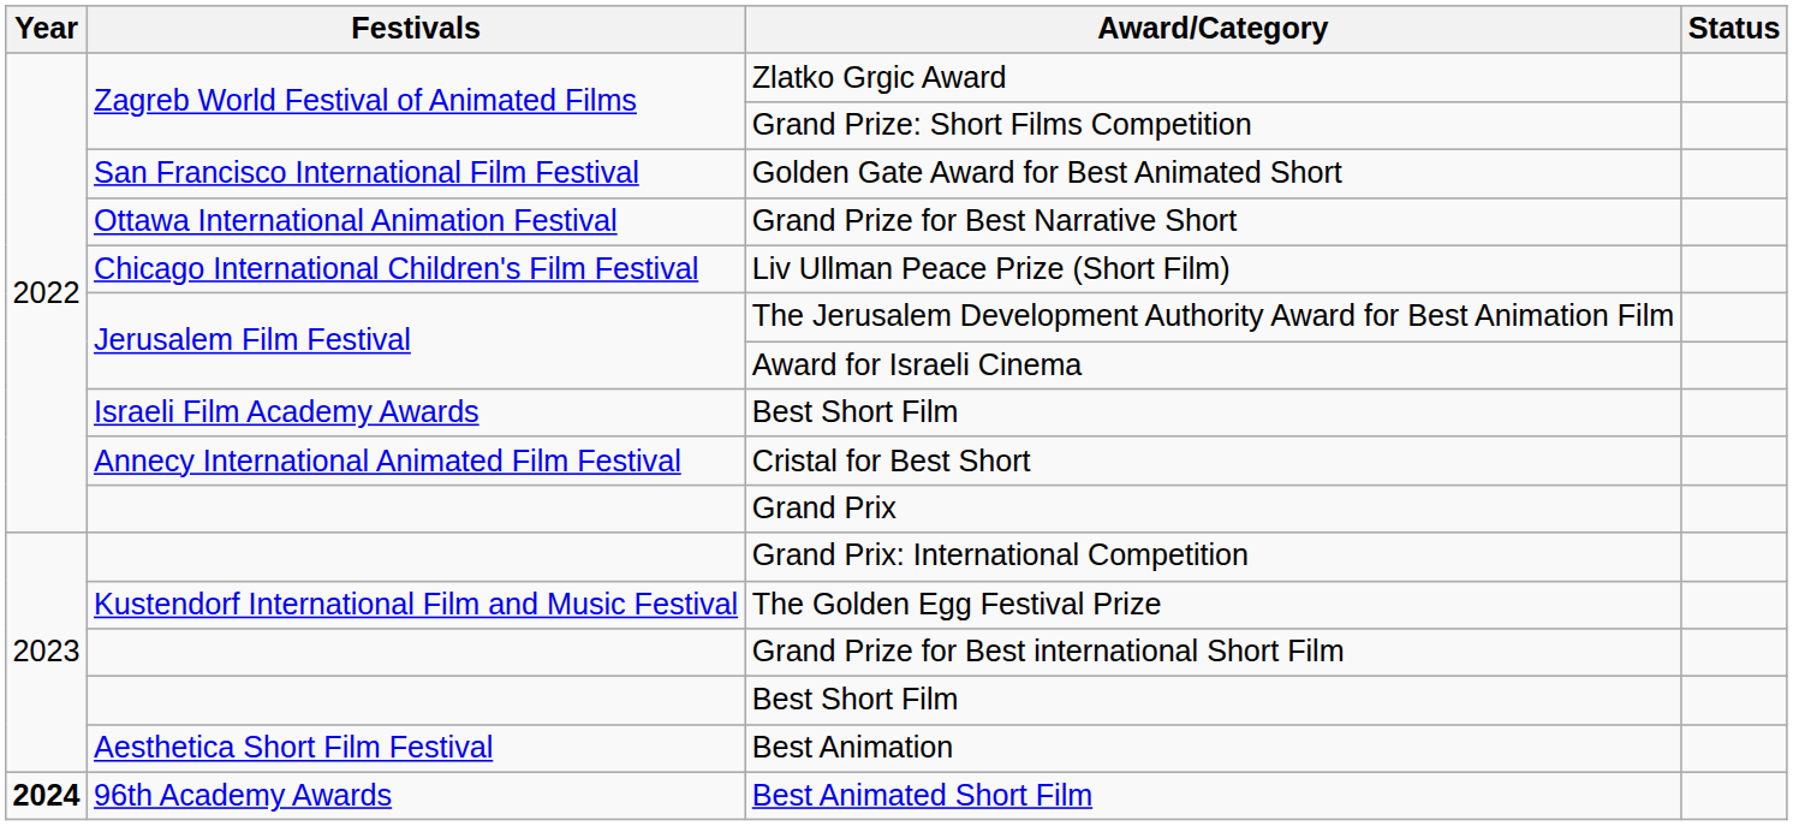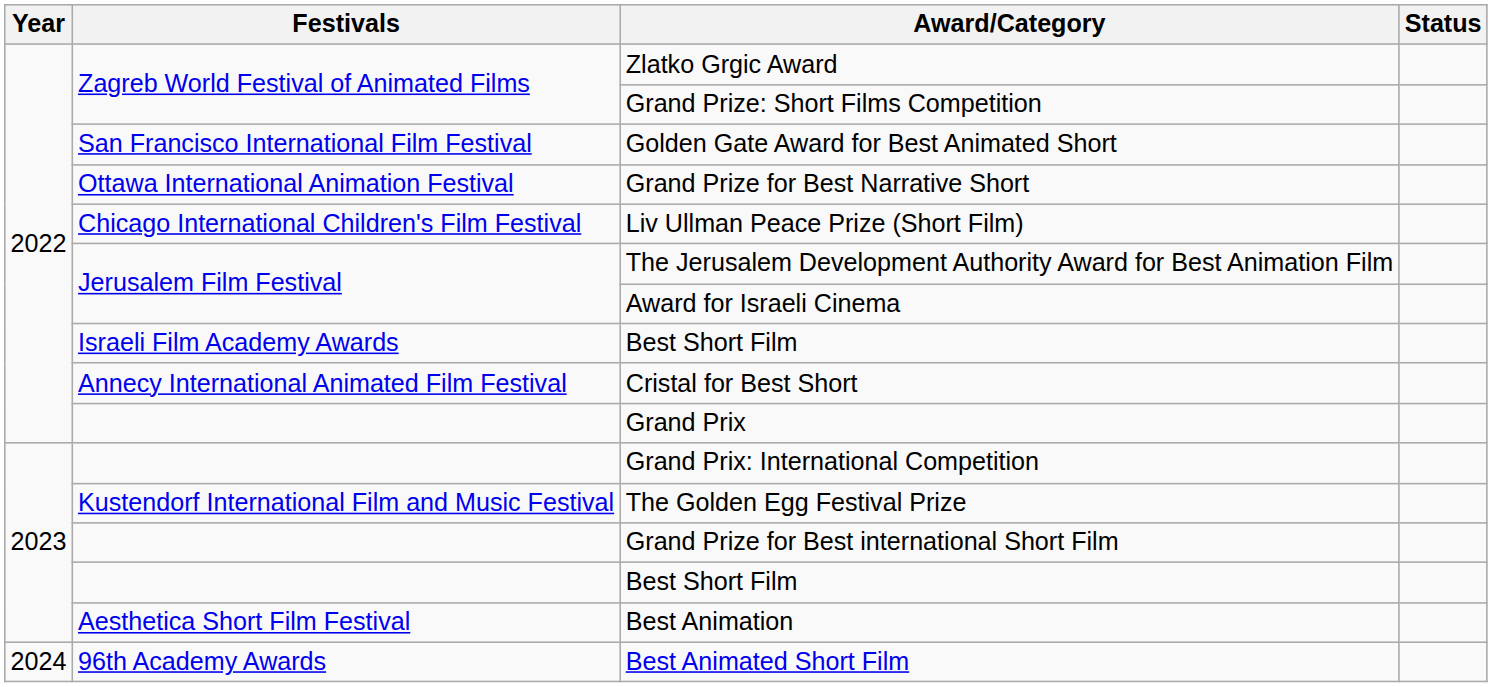 <table class="wikitable">
 <tr>
 <th>Year</th>
 <th>Festivals</th>
 <th>Award/Category</th>
 <th>Status</th>
 </tr>
 <tr>
 <td rowspan="10">2022</td>
 <td rowspan="2"><a href='#'>Zagreb World Festival of Animated Films</a></td>
 <td>Zlatko Grgic Award</td>
 <td></td>
 </tr>
 <tr>
 <td>Grand Prize: Short Films Competition</td>
 <td></td>
 </tr>
 <tr>
 <td><a href='#'>San Francisco International Film Festival</a></td>
 <td>Golden Gate Award for Best Animated Short</td>
 <td></td>
 </tr>
 <tr>
 <td><a href='#'>Ottawa International Animation Festival</a></td>
 <td>Grand Prize for Best Narrative Short</td>
 <td></td>
 </tr>
 <tr>
 <td><a href='#'>Chicago International Children's Film Festival</a></td>
 <td>Liv Ullman Peace Prize (Short Film)</td>
 <td></td>
 </tr>
 <tr>
 <td rowspan="2"><a href='#'>Jerusalem Film Festival</a></td>
 <td>The Jerusalem Development Authority Award for Best Animation Film</td>
 <td></td>
 </tr>
 <tr>
 <td>Award for Israeli Cinema</td>
 <td></td>
 </tr>
 <tr>
 <td><a href='#'>Israeli Film Academy Awards</a></td>
 <td>Best Short Film</td>
 <td></td>
 </tr>
 <tr>
 <td><a href='#'>Annecy International Animated Film Festival</a></td>
 <td>Cristal for Best Short</td>
 <td></td>
 </tr>
 <tr>
 <td></td>
 <td>Grand Prix</td>
 <td></td>
 </tr>
 <tr>
 <td rowspan="5">2023</td>
 <td></td>
 <td>Grand Prix: International Competition</td>
 <td></td>
 </tr>
 <tr>
 <td><a href='#'>Kustendorf International Film and Music Festival</a></td>
 <td>The Golden Egg Festival Prize</td>
 <td></td>
 </tr>
 <tr>
 <td></td>
 <td>Grand Prize for Best international Short Film</td>
 <td></td>
 </tr>
 <tr>
 <td></td>
 <td>Best Short Film</td>
 <td></td>
 </tr>
 <tr>
 <td><a href='#'>Aesthetica Short Film Festival</a></td>
 <td>Best Animation</td>
 <td></td>
 </tr>
 <tr>
-<td><strong>2024</strong></td>
+<td>2024</td>
 <td><a href='#'>96th Academy Awards</a></td>
 <td><a href='#'>Best Animated Short Film</a></td>
 <td></td>
 </tr>
 </table>
